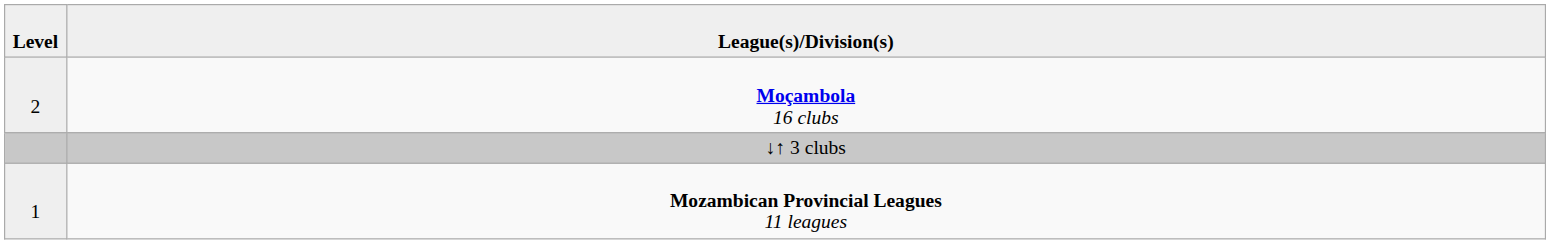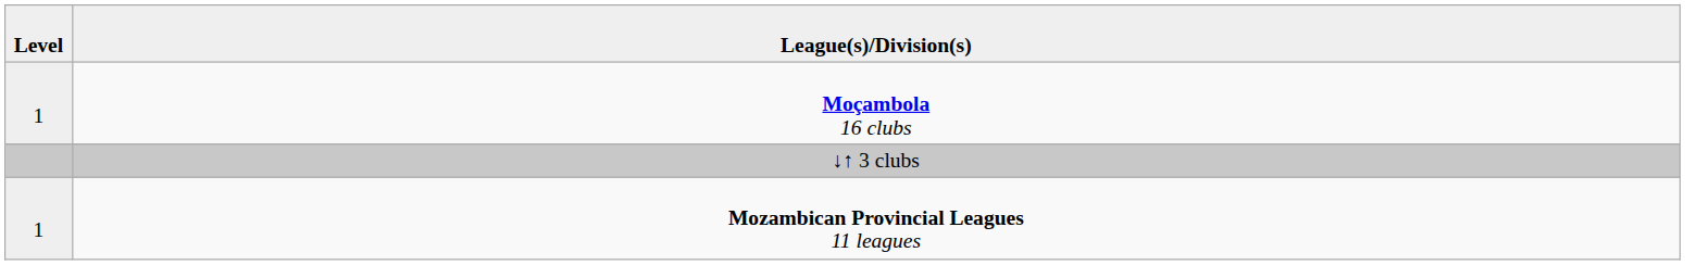 <table class="wikitable" style="text-align:center; width:100%;">
 <tr style="background:#efefef;">
 <td style="width:4%; text-align:center;"><br><strong>Level</strong></td>
 <td colspan="12"  style="width:96%; text-align:center;"><br><strong>League(s)/Division(s)</strong></td>
 </tr>
 <tr>
-<td style="text-align:center; width:4%; background:#efefef;"><br>2</td>
+<td style="text-align:center; width:4%; background:#efefef;"><br>1</td>
 <td colspan="12"  style="width:96%; text-align:center;"><br><strong><a href='#'>Moçambola</a></strong><br> <em>16 clubs</em><br></td>
 </tr>
 <tr style="background:#c8c8c8">
 <td style="width:4%;"></td>
 <td colspan="9" style="width:96%;">↓↑ 3 clubs</td>
 </tr>
 <tr>
 <td style="text-align:center; width:4%; background:#efefef;"><br>1</td>
 <td colspan="12"  style="width:96%; text-align:center;"><br><strong>Mozambican Provincial Leagues</strong><br> <em>11 leagues</em><br></td>
 </tr>
 </table>
